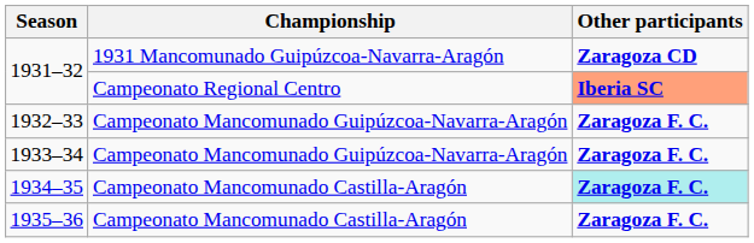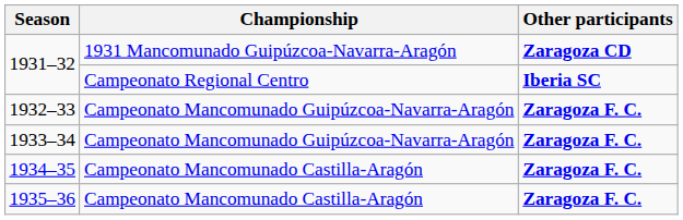 <table class="wikitable">
 <tr>
 <th>Season</th>
 <th>Championship</th>
 <th>Other participants</th>
 </tr>
 <tr>
 <td rowspan=2>1931–32</td>
 <td><a href='#'>1931 Mancomunado Guipúzcoa-Navarra-Aragón</a></td>
 <td><strong><a href='#'>Zaragoza CD</a></strong></td>
 </tr>
 <tr>
 <td><a href='#'>Campeonato Regional Centro</a></td>
-<td style="background: lightsalmon;"><strong><a href='#'>Iberia SC</a></strong></td>
+<td><strong><a href='#'>Iberia SC</a></strong></td>
 </tr>
 <tr>
 <td>1932–33</td>
 <td><a href='#'>Campeonato Mancomunado Guipúzcoa-Navarra-Aragón</a></td>
 <td><strong><a href='#'>Zaragoza F. C.</a></strong></td>
 </tr>
 <tr>
 <td>1933–34</td>
 <td><a href='#'>Campeonato Mancomunado Guipúzcoa-Navarra-Aragón</a></td>
 <td><strong><a href='#'>Zaragoza F. C.</a></strong></td>
 </tr>
 <tr>
 <td><a href='#'>1934–35</a></td>
 <td><a href='#'>Campeonato Mancomunado Castilla-Aragón</a></td>
-<td style="background: paleturquoise;"><strong><a href='#'>Zaragoza F. C.</a></strong></td>
+<td><strong><a href='#'>Zaragoza F. C.</a></strong></td>
 </tr>
 <tr>
 <td><a href='#'>1935–36</a></td>
 <td><a href='#'>Campeonato Mancomunado Castilla-Aragón</a></td>
 <td><strong><a href='#'>Zaragoza F. C.</a></strong></td>
 </tr>
 </table>
